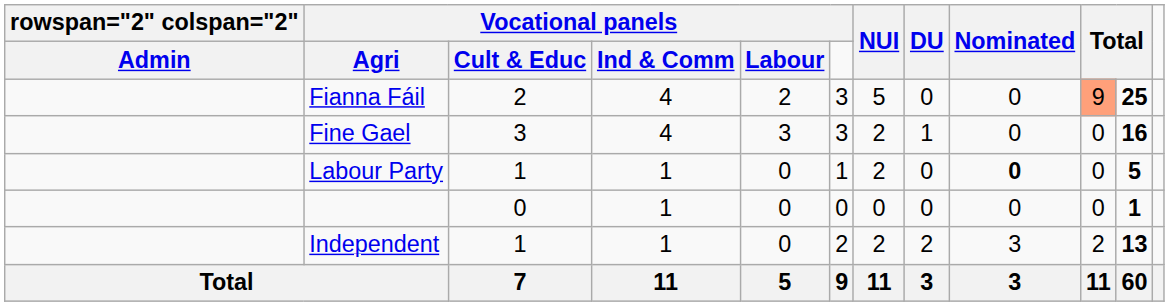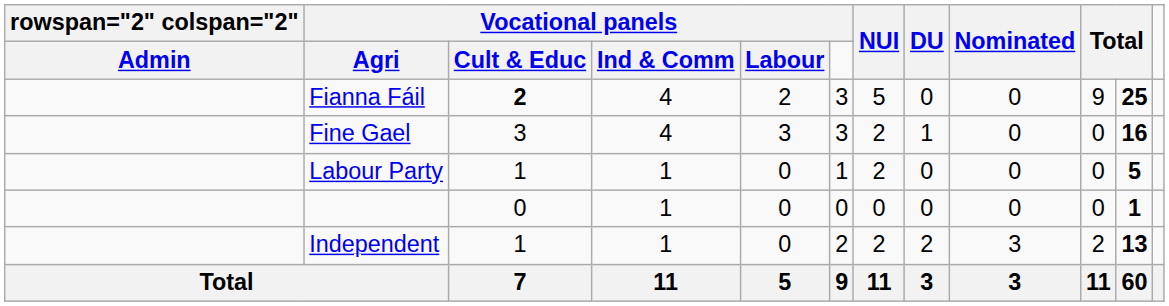 <table class="wikitable">
 <tr>
 <th>rowspan="2" colspan="2" </th>
 <th scope="col" colspan="5"><a href='#'>Vocational panels</a></th>
 <th rowspan="2"><a href='#'>NUI</a></th>
 <th rowspan="2"><a href='#'>DU</a></th>
 <th rowspan="2"><a href='#'>Nominated</a></th>
 <th rowspan="2" colspan="2">Total</th>
 </tr>
 <tr>
 <th scope="col"><a href='#'>Admin</a></th>
 <th scope="col"><a href='#'>Agri</a></th>
 <th scope="col"><a href='#'>Cult & Educ</a></th>
 <th scope="col"><a href='#'>Ind & Comm</a></th>
 <th scope="col"><a href='#'>Labour</a></th>
 </tr>
 <tr style="text-align:center">
 <td style="background-color: "></td>
 <td align="left"><a href='#'>Fianna Fáil</a></td>
-<td>2</td>
+<td><strong>2</strong></td>
 <td>4</td>
 <td>2</td>
 <td>3</td>
 <td>5</td>
 <td>0</td>
 <td>0</td>
-<td style="background: lightsalmon;">9</td>
+<td>9</td>
 <td><strong>25</strong></td>
 <td style="background-color: "></td>
 </tr>
 <tr style="text-align:center">
 <td style="background-color: "></td>
 <td align="left"><a href='#'>Fine Gael</a></td>
 <td>3</td>
 <td>4</td>
 <td>3</td>
 <td>3</td>
 <td>2</td>
 <td>1</td>
 <td>0</td>
 <td>0</td>
 <td><strong>16</strong></td>
 <td style="background-color: "></td>
 </tr>
 <tr style="text-align:center">
 <td style="background-color: "></td>
 <td align="left"><a href='#'>Labour Party</a></td>
 <td>1</td>
 <td>1</td>
 <td>0</td>
 <td>1</td>
 <td>2</td>
 <td>0</td>
-<td><strong>0</strong></td>
+<td>0</td>
 <td>0</td>
 <td><strong>5</strong></td>
 <td style="background-color: "></td>
 </tr>
 <tr style="text-align:center">
 <td style="background-color: "></td>
 <td align="left"></td>
 <td>0</td>
 <td>1</td>
 <td>0</td>
 <td>0</td>
 <td>0</td>
 <td>0</td>
 <td>0</td>
 <td>0</td>
 <td><strong>1</strong></td>
 <td style="background-color: "></td>
 </tr>
 <tr style="text-align:center">
 <td style="background-color: "></td>
 <td align="left"><a href='#'>Independent</a></td>
 <td>1</td>
 <td>1</td>
 <td>0</td>
 <td>2</td>
 <td>2</td>
 <td>2</td>
 <td>3</td>
 <td>2</td>
 <td><strong>13</strong></td>
 <td style="background-color: "></td>
 </tr>
 <tr style="text-align:center">
 <th colspan="2">Total</th>
 <th>7</th>
 <th>11</th>
 <th>5</th>
 <th>9</th>
 <th>11</th>
 <th>3</th>
 <th>3</th>
 <th>11</th>
 <th>60</th>
 <th></th>
 </tr>
 </table>
